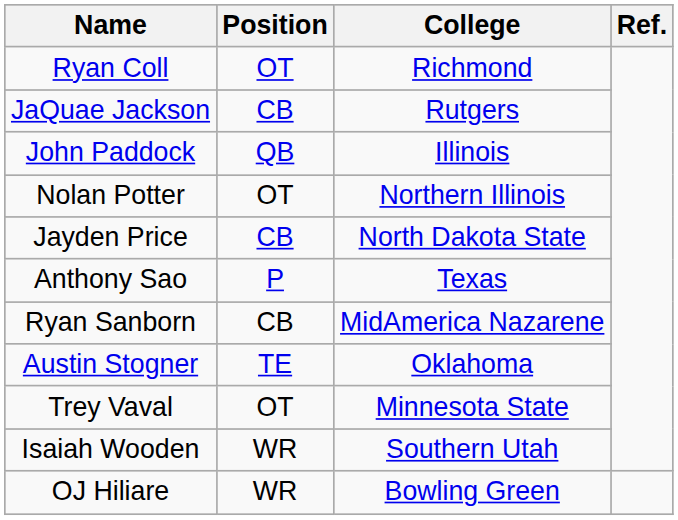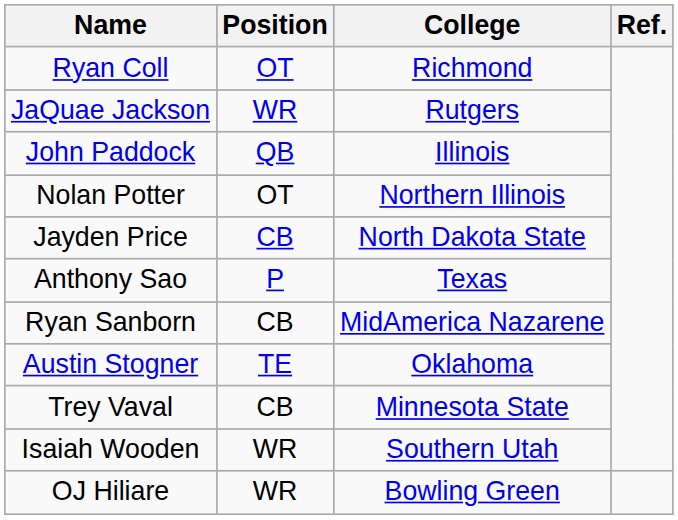 <table class="wikitable" style="text-align:center">
 <tr>
 <th>Name</th>
 <th>Position</th>
 <th>College</th>
 <th>Ref.</th>
 </tr>
 <tr>
 <td><a href='#'>Ryan Coll</a></td>
 <td><a href='#'>OT</a></td>
 <td><a href='#'>Richmond</a></td>
 <td rowspan="10"></td>
 </tr>
 <tr>
 <td><a href='#'>JaQuae Jackson</a></td>
-<td><a href='#'>CB</a></td>
+<td><a href='#'>WR</a></td>
 <td><a href='#'>Rutgers</a></td>
 </tr>
 <tr>
 <td><a href='#'>John Paddock</a></td>
 <td><a href='#'>QB</a></td>
 <td><a href='#'>Illinois</a></td>
 </tr>
 <tr>
 <td>Nolan Potter</td>
 <td>OT</td>
 <td><a href='#'>Northern Illinois</a></td>
 </tr>
 <tr>
 <td>Jayden Price</td>
 <td><a href='#'>CB</a></td>
 <td><a href='#'>North Dakota State</a></td>
 </tr>
 <tr>
 <td>Anthony Sao</td>
 <td><a href='#'>P</a></td>
 <td><a href='#'>Texas</a></td>
 </tr>
 <tr>
 <td>Ryan Sanborn</td>
 <td>CB</td>
 <td><a href='#'>MidAmerica Nazarene</a></td>
 </tr>
 <tr>
 <td><a href='#'>Austin Stogner</a></td>
 <td><a href='#'>TE</a></td>
 <td><a href='#'>Oklahoma</a></td>
 </tr>
 <tr>
 <td>Trey Vaval</td>
-<td>OT</td>
+<td>CB</td>
 <td><a href='#'>Minnesota State</a></td>
 </tr>
 <tr>
 <td>Isaiah Wooden</td>
 <td>WR</td>
 <td><a href='#'>Southern Utah</a></td>
 </tr>
 <tr>
 <td>OJ Hiliare</td>
 <td>WR</td>
 <td><a href='#'>Bowling Green</a></td>
 <td></td>
 </tr>
 </table>
